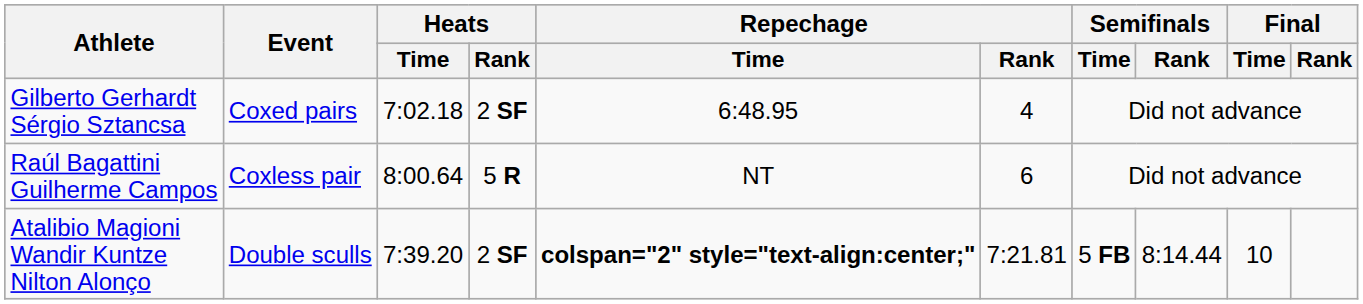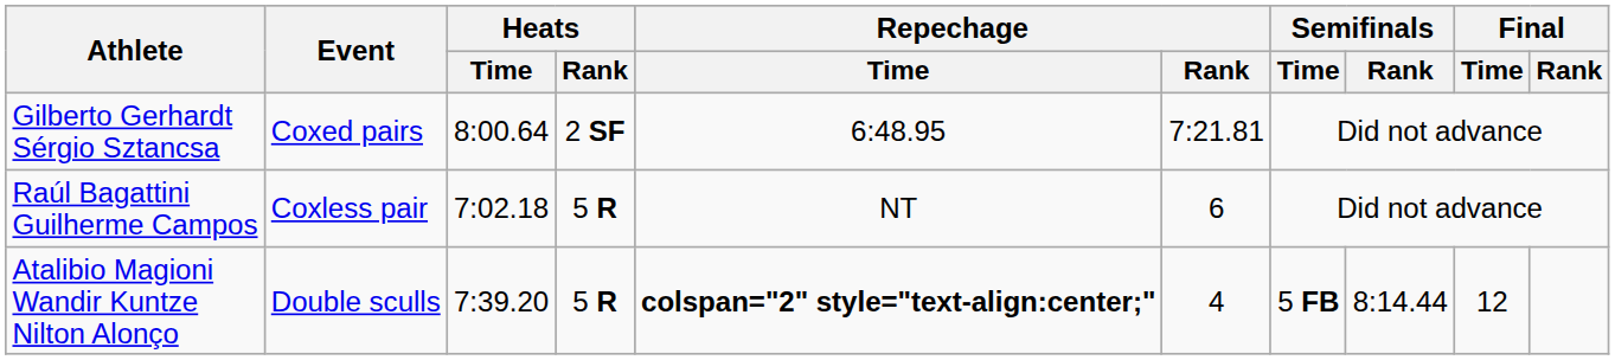 <table class="wikitable" style="font-size:90%">
 <tr>
 <th rowspan="2">Athlete</th>
 <th rowspan="2">Event</th>
 <th colspan="2">Heats</th>
 <th colspan="2">Repechage</th>
 <th colspan="2">Semifinals</th>
 <th colspan="2">Final</th>
 </tr>
 <tr style="font-size:95%">
 <th>Time</th>
 <th>Rank</th>
 <th>Time</th>
 <th>Rank</th>
 <th>Time</th>
 <th>Rank</th>
 <th>Time</th>
 <th>Rank</th>
 </tr>
 <tr align=center>
 <td align=left><a href='#'>Gilberto Gerhardt</a><br><a href='#'>Sérgio Sztancsa</a></td>
 <td align=left><a href='#'>Coxed pairs</a></td>
-<td>7:02.18</td>
+<td>8:00.64</td>
 <td>2 <strong>SF</strong></td>
 <td>6:48.95</td>
-<td>4</td>
+<td>7:21.81</td>
 <td colspan="4" style="text-align:center;">Did not advance</td>
 </tr>
 <tr align=center>
 <td align=left><a href='#'>Raúl Bagattini</a><br><a href='#'>Guilherme Campos</a></td>
 <td align=left><a href='#'>Coxless pair</a></td>
-<td>8:00.64</td>
+<td>7:02.18</td>
 <td>5 <strong>R</strong></td>
 <td>NT</td>
 <td>6</td>
 <td colspan="4" style="text-align:center;">Did not advance</td>
 </tr>
 <tr align=center>
 <td align=left><a href='#'>Atalibio Magioni</a><br><a href='#'>Wandir Kuntze</a><br><a href='#'>Nilton Alonço</a></td>
 <td align=left><a href='#'>Double sculls</a></td>
 <td>7:39.20</td>
-<td>2 <strong>SF</strong></td>
+<td>5 <strong>R</strong></td>
 <td><strong>colspan="2" style="text-align:center;" </strong></td>
-<td>7:21.81</td>
+<td>4</td>
 <td>5 <strong>FB</strong></td>
 <td>8:14.44</td>
-<td>10</td>
+<td>12</td>
 </tr>
 </table>
